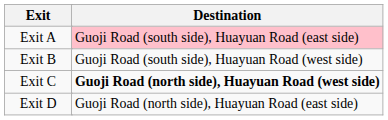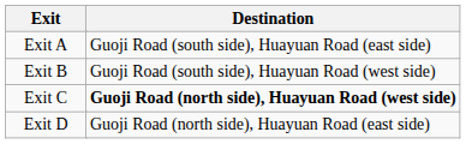 <table class="wikitable">
 <tr>
 <th style="width:70px" colspan="2">Exit</th>
 <th>Destination</th>
 </tr>
 <tr>
 <td align="center" colspan="2">Exit A</td>
-<td style="background: pink;">Guoji Road (south side), Huayuan Road (east side)</td>
+<td>Guoji Road (south side), Huayuan Road (east side)</td>
 </tr>
 <tr>
 <td align="center" colspan="2">Exit B</td>
 <td>Guoji Road (south side), Huayuan Road (west side)</td>
 </tr>
 <tr>
 <td align="center" colspan="2">Exit C</td>
 <td><strong>Guoji Road (north side), Huayuan Road (west side)</strong></td>
 </tr>
 <tr>
 <td align="center" colspan="2">Exit D</td>
 <td>Guoji Road (north side), Huayuan Road (east side)</td>
 </tr>
 </table>
